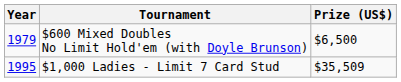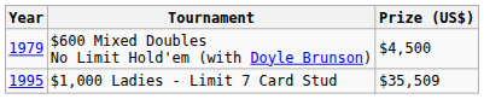 <table class="wikitable">
 <tr>
 <th>Year</th>
 <th>Tournament</th>
 <th>Prize (US$)</th>
 </tr>
 <tr>
 <td><a href='#'>1979</a></td>
 <td>$600 Mixed Doubles<br>No Limit Hold'em (with <a href='#'>Doyle Brunson</a>)</td>
-<td>$6,500</td>
+<td>$4,500</td>
 </tr>
 <tr>
 <td><a href='#'>1995</a></td>
 <td>$1,000 Ladies - Limit 7 Card Stud</td>
 <td>$35,509</td>
 </tr>
 </table>
